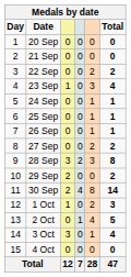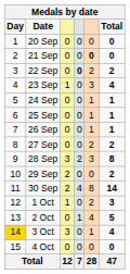 <table class="wikitable" style="font-size:85%; text-align:center;">
 <tr style="background:#efefef;">
 <th colspan=6>Medals by date</th>
 </tr>
 <tr>
 <td><strong>Day</strong></td>
 <td><strong>Date</strong></td>
 <td style="background:#F7F6A8;"></td>
 <td style="background:#DCE5E5;"></td>
 <td style="background:#FFDAB9;"></td>
 <td><strong>Total</strong></td>
 </tr>
 <tr>
 <td>1</td>
 <td>20 Sep</td>
 <td style="background:#F7F6A8;">0</td>
 <td style="background:#DCE5E5;">0</td>
 <td style="background:#FFDAB9;">0</td>
 <td><strong>0</strong></td>
 </tr>
 <tr>
 <td>2</td>
 <td>21 Sep</td>
 <td style="background:#F7F6A8;">0</td>
 <td style="background:#DCE5E5;">0</td>
-<td style="background:#FFDAB9;">0</td>
+<td style="background:#FFDAB9;"><strong>0</strong></td>
 <td><strong>0</strong></td>
 </tr>
 <tr>
 <td>3</td>
 <td>22 Sep</td>
 <td style="background:#F7F6A8;">0</td>
-<td style="background:#DCE5E5;">0</td>
+<td style="background:#DCE5E5;"><strong>0</strong></td>
 <td style="background:#FFDAB9;">2</td>
 <td><strong>2</strong></td>
 </tr>
 <tr>
 <td>4</td>
 <td>23 Sep</td>
 <td style="background:#F7F6A8;">1</td>
 <td style="background:#DCE5E5;">0</td>
 <td style="background:#FFDAB9;">3</td>
 <td><strong>4</strong></td>
 </tr>
 <tr>
 <td>5</td>
 <td>24 Sep</td>
 <td style="background:#F7F6A8;">0</td>
 <td style="background:#DCE5E5;">0</td>
 <td style="background:#FFDAB9;">1</td>
 <td><strong>1</strong></td>
 </tr>
 <tr>
 <td>6</td>
 <td>25 Sep</td>
 <td style="background:#F7F6A8;">0</td>
 <td style="background:#DCE5E5;">0</td>
 <td style="background:#FFDAB9;">1</td>
 <td><strong>1</strong></td>
 </tr>
 <tr>
 <td>7</td>
 <td>26 Sep</td>
 <td style="background:#F7F6A8;">0</td>
 <td style="background:#DCE5E5;">0</td>
 <td style="background:#FFDAB9;">1</td>
 <td><strong>1</strong></td>
 </tr>
 <tr>
 <td>8</td>
 <td>27 Sep</td>
 <td style="background:#F7F6A8;">0</td>
 <td style="background:#DCE5E5;">0</td>
 <td style="background:#FFDAB9;">2</td>
 <td><strong>2</strong></td>
 </tr>
 <tr>
 <td>9</td>
 <td>28 Sep</td>
 <td style="background:#F7F6A8;">3</td>
 <td style="background:#DCE5E5;">2</td>
 <td style="background:#FFDAB9;">3</td>
 <td><strong>8</strong></td>
 </tr>
 <tr>
 <td>10</td>
 <td>29 Sep</td>
 <td style="background:#F7F6A8;">2</td>
 <td style="background:#DCE5E5;">0</td>
 <td style="background:#FFDAB9;">0</td>
 <td><strong>2</strong></td>
 </tr>
 <tr>
 <td>11</td>
 <td>30 Sep</td>
 <td style="background:#F7F6A8;">2</td>
 <td style="background:#DCE5E5;">4</td>
 <td style="background:#FFDAB9;">8</td>
 <td><strong>14</strong></td>
 </tr>
 <tr>
 <td>12</td>
 <td>1 Oct</td>
 <td style="background:#F7F6A8;">1</td>
 <td style="background:#DCE5E5;">0</td>
 <td style="background:#FFDAB9;">2</td>
 <td><strong>3</strong></td>
 </tr>
 <tr>
 <td>13</td>
 <td>2 Oct</td>
 <td style="background:#F7F6A8;">0</td>
 <td style="background:#DCE5E5;">1</td>
 <td style="background:#FFDAB9;">4</td>
 <td><strong>5</strong></td>
 </tr>
 <tr>
-<td>14</td>
+<td style="background: gold;">14</td>
 <td>3 Oct</td>
 <td style="background:#F7F6A8;">3</td>
 <td style="background:#DCE5E5;">0</td>
 <td style="background:#FFDAB9;">1</td>
 <td><strong>4</strong></td>
 </tr>
 <tr>
 <td>15</td>
 <td>4 Oct</td>
 <td style="background:#F7F6A8;">0</td>
 <td style="background:#DCE5E5;">0</td>
 <td style="background:#FFDAB9;">0</td>
 <td><strong>0</strong></td>
 </tr>
 <tr>
 <th colspan="2">Total</th>
 <th>12</th>
 <th>7</th>
 <th>28</th>
 <th>47</th>
 </tr>
 </table>
